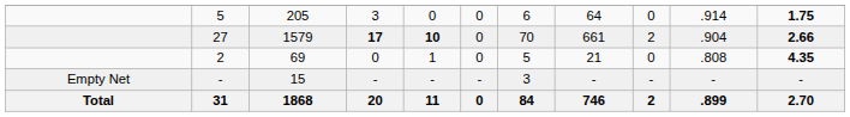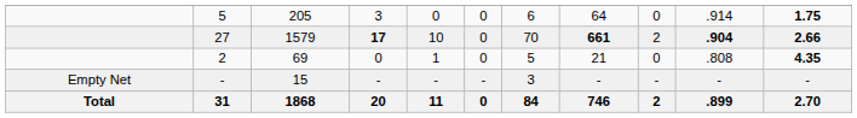 <table class="wikitable sortable" width ="1000">
 <tr align="center">
 </tr>
 <tr align="center" bgcolor="">
 <td></td>
 <td>5</td>
 <td>205</td>
 <td>3</td>
 <td>0</td>
 <td>0</td>
 <td>6</td>
 <td>64</td>
 <td>0</td>
 <td>.914</td>
 <td><strong>1.75</strong></td>
 </tr>
 <tr align="center" bgcolor="f0f0f0">
 <td></td>
 <td>27</td>
 <td>1579</td>
 <td><strong>17</strong></td>
-<td><strong>10</strong></td>
+<td>10</td>
 <td>0</td>
 <td>70</td>
-<td>661</td>
+<td><strong>661</strong></td>
 <td>2</td>
-<td>.904</td>
+<td><strong>.904</strong></td>
 <td><strong>2.66</strong></td>
 </tr>
 <tr align="center" bgcolor="">
 <td></td>
 <td>2</td>
 <td>69</td>
 <td>0</td>
 <td>1</td>
 <td>0</td>
 <td>5</td>
 <td>21</td>
 <td>0</td>
 <td>.808</td>
 <td><strong>4.35</strong></td>
 </tr>
 <tr align="center" bgcolor="f0f0f0">
 <td>Empty Net</td>
 <td>-</td>
 <td>15</td>
 <td>-</td>
 <td>-</td>
 <td>-</td>
 <td>3</td>
 <td>-</td>
 <td>-</td>
 <td>-</td>
 <td>-</td>
 </tr>
 <tr>
 <th>Total</th>
 <th>31</th>
 <th>1868</th>
 <th>20</th>
 <th>11</th>
 <th>0</th>
 <th>84</th>
 <th>746</th>
 <th>2</th>
 <th>.899</th>
 <th>2.70</th>
 </tr>
 </table>
